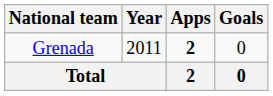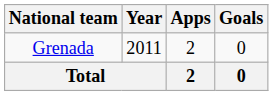 <table class="wikitable" style="text-align: center">
 <tr>
 <th>National team</th>
 <th>Year</th>
 <th>Apps</th>
 <th>Goals</th>
 </tr>
 <tr>
 <td><a href='#'>Grenada</a></td>
 <td>2011</td>
-<td><strong>2</strong></td>
+<td>2</td>
 <td>0</td>
 </tr>
 <tr>
 <th colspan="2">Total</th>
 <th>2</th>
 <th>0</th>
 </tr>
 </table>
